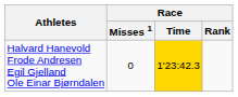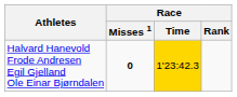 <table class="wikitable" border="1" style="font-size:90%">
 <tr>
 <th rowspan=2>Athletes</th>
 <th colspan=3>Race</th>
 </tr>
 <tr>
 <th>Misses <sup>1</sup></th>
 <th>Time</th>
 <th>Rank</th>
 </tr>
 <tr>
 <td><a href='#'>Halvard Hanevold</a><br><a href='#'>Frode Andresen</a><br><a href='#'>Egil Gjelland</a><br><a href='#'>Ole Einar Bjørndalen</a></td>
-<td align=center>0</td>
+<td align=center><strong>0</strong></td>
 <td align=center style="background: gold;">1'23:42.3</td>
 <td align=center></td>
 </tr>
 </table>
